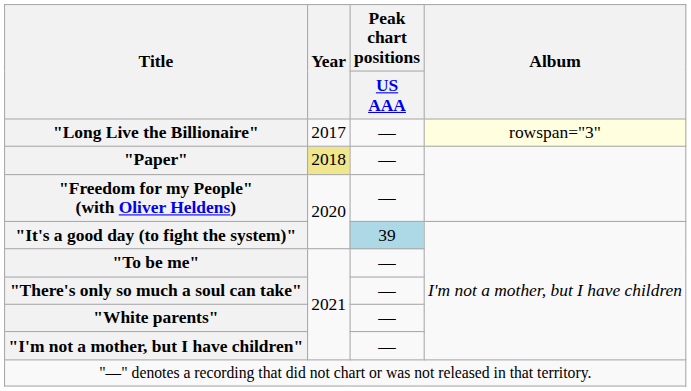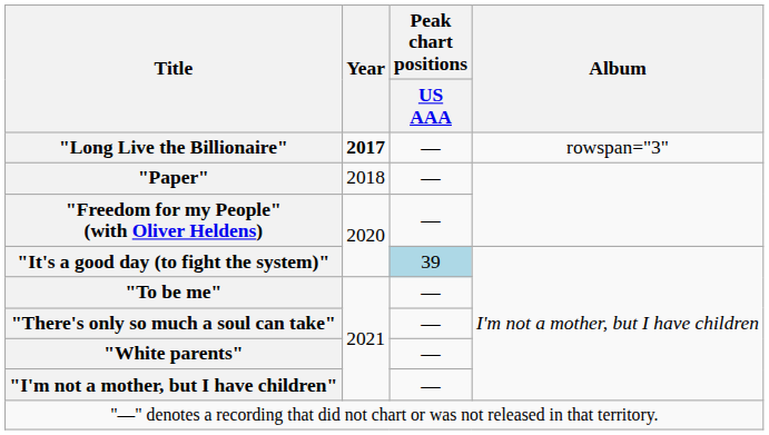 <table class="wikitable plainrowheaders" style="text-align:center;">
 <tr>
 <th rowspan="2" scope="col">Title</th>
 <th rowspan="2" scope="col">Year</th>
 <th rowspan="1" scope="col">Peak<br>chart<br>positions</th>
 <th rowspan="2" scope="col">Album</th>
 </tr>
 <tr>
 <th rowspan="1" scope="col"><a href='#'>US<br>AAA</a><br></th>
 </tr>
 <tr>
 <th scope="row">"Long Live the Billionaire"</th>
-<td>2017</td>
+<td><strong>2017</strong></td>
 <td>—</td>
-<td style="background: lightyellow;">rowspan="3" </td>
+<td>rowspan="3" </td>
 </tr>
 <tr>
 <th scope="row">"Paper"</th>
-<td style="background: khaki;">2018</td>
+<td>2018</td>
 <td>—</td>
 </tr>
 <tr>
 <th scope="row">"Freedom for my People" <br><span>(with <a href='#'>Oliver Heldens</a>)</span></th>
 <td rowspan="2">2020</td>
 <td>—</td>
 </tr>
 <tr>
 <th scope="row">"It's a good day (to fight the system)"</th>
 <td style="background: lightblue;">39</td>
 <td rowspan="5" scope="row" style="text-align:center"><em>I'm not a mother, but I have children</em></td>
 </tr>
 <tr>
 <th scope="row">"To be me"</th>
 <td rowspan="4">2021</td>
 <td>—</td>
 </tr>
 <tr>
 <th scope="row">"There's only so much a soul can take"</th>
 <td>—</td>
 </tr>
 <tr>
 <th scope="row">"White parents"</th>
 <td>—</td>
 </tr>
 <tr>
 <th scope="row">"I'm not a mother, but I have children"</th>
 <td>—</td>
 </tr>
 <tr>
 <td colspan="4" style="font-size:90%">"—" denotes a recording that did not chart or was not released in that territory.</td>
 </tr>
 </table>
